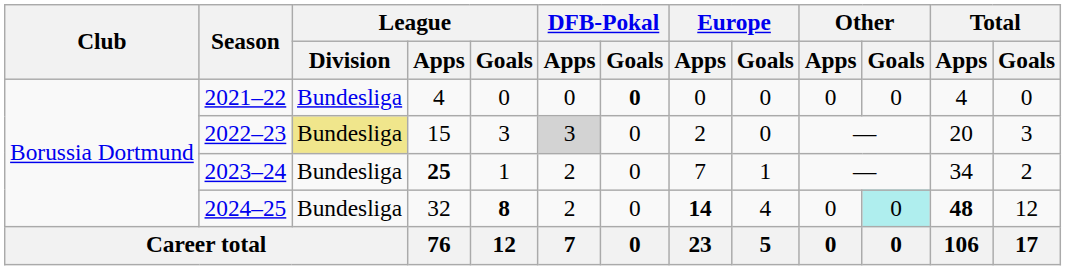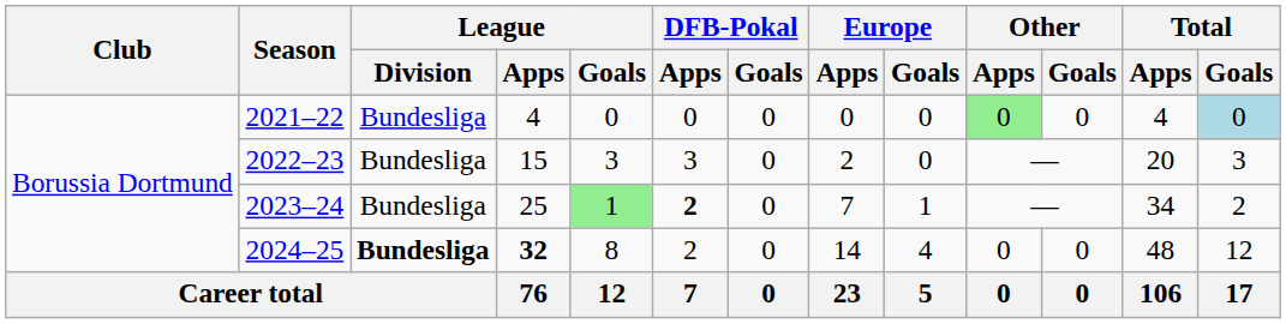 <table class="wikitable" style="text-align: center">
 <tr>
 <th rowspan="2">Club</th>
 <th rowspan="2">Season</th>
 <th colspan="3">League</th>
 <th colspan="2"><a href='#'>DFB-Pokal</a></th>
 <th colspan="2"><a href='#'>Europe</a></th>
 <th colspan="2">Other</th>
 <th colspan="2">Total</th>
 </tr>
 <tr>
 <th>Division</th>
 <th>Apps</th>
 <th>Goals</th>
 <th>Apps</th>
 <th>Goals</th>
 <th>Apps</th>
 <th>Goals</th>
 <th>Apps</th>
 <th>Goals</th>
 <th>Apps</th>
 <th>Goals</th>
 </tr>
 <tr>
 <td rowspan="4"><a href='#'>Borussia Dortmund</a></td>
 <td><a href='#'>2021–22</a></td>
 <td><a href='#'>Bundesliga</a></td>
 <td>4</td>
 <td>0</td>
 <td>0</td>
-<td><strong>0</strong></td>
 <td>0</td>
 <td>0</td>
 <td>0</td>
+<td style="background: lightgreen;">0</td>
 <td>0</td>
 <td>4</td>
-<td>0</td>
+<td style="background: lightblue;">0</td>
 </tr>
 <tr>
 <td><a href='#'>2022–23</a></td>
-<td style="background: khaki;">Bundesliga</td>
+<td>Bundesliga</td>
 <td>15</td>
 <td>3</td>
-<td style="background: lightgrey;">3</td>
+<td>3</td>
 <td>0</td>
 <td>2</td>
 <td>0</td>
 <td colspan="2">—</td>
 <td>20</td>
 <td>3</td>
 </tr>
 <tr>
 <td><a href='#'>2023–24</a></td>
 <td>Bundesliga</td>
-<td><strong>25</strong></td>
-<td>1</td>
-<td>2</td>
+<td>25</td>
+<td style="background: lightgreen;">1</td>
+<td><strong>2</strong></td>
 <td>0</td>
 <td>7</td>
 <td>1</td>
 <td colspan="2">—</td>
 <td>34</td>
 <td>2</td>
 </tr>
 <tr>
 <td><a href='#'>2024–25</a></td>
-<td>Bundesliga</td>
-<td>32</td>
-<td><strong>8</strong></td>
+<td><strong>Bundesliga</strong></td>
+<td><strong>32</strong></td>
+<td>8</td>
 <td>2</td>
 <td>0</td>
-<td><strong>14</strong></td>
+<td>14</td>
 <td>4</td>
 <td>0</td>
-<td style="background: paleturquoise;">0</td>
-<td><strong>48</strong></td>
+<td>0</td>
+<td>48</td>
 <td>12</td>
 </tr>
 <tr>
 <th colspan="3">Career total</th>
 <th>76</th>
 <th>12</th>
 <th>7</th>
 <th>0</th>
 <th>23</th>
 <th>5</th>
 <th>0</th>
 <th>0</th>
 <th>106</th>
 <th>17</th>
 </tr>
 </table>
